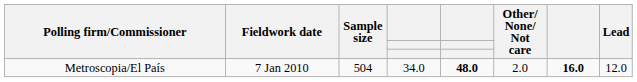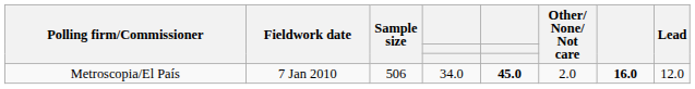 <table class="wikitable collapsible collapsed" style="text-align:center; font-size:90%; line-height:14px;">
 <tr style="height:42px;">
 <th style="width:250px;" rowspan="3">Polling firm/Commissioner</th>
 <th style="width:125px;" rowspan="3">Fieldwork date</th>
 <th style="width:50px;" rowspan="3">Sample size</th>
 <th style="width:55px;"></th>
 <th style="width:55px;"></th>
 <th style="width:55px;" rowspan="3">Other/<br>None/<br>Not<br>care</th>
 <th style="width:55px;" rowspan="3"></th>
 <th style="width:30px;" rowspan="3">Lead</th>
 </tr>
 <tr>
 <th style="color:inherit;background:"></th>
 <th style="color:inherit;background:"></th>
 </tr>
 <tr>
 <th></th>
 <th></th>
 </tr>
 <tr>
 <td>Metroscopia/El País</td>
 <td>7 Jan 2010</td>
-<td>504</td>
+<td>506</td>
 <td>34.0</td>
-<td><strong>48.0</strong></td>
+<td><strong>45.0</strong></td>
 <td>2.0</td>
 <td><strong>16.0</strong></td>
 <td style="background:">12.0</td>
 </tr>
 </table>
